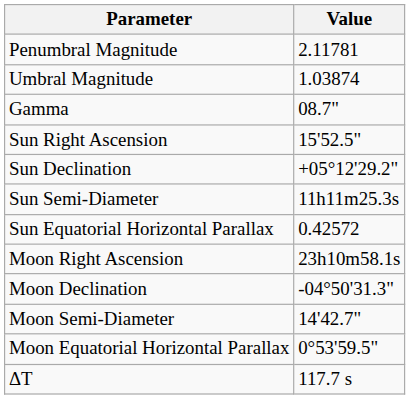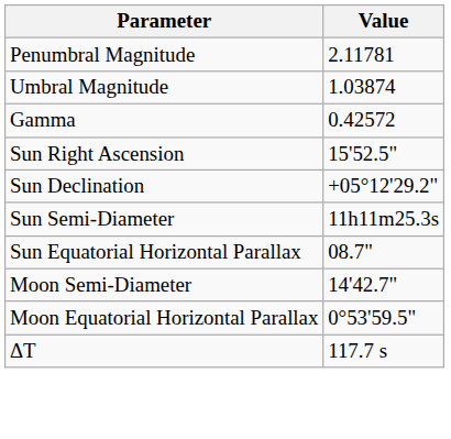 <table class="wikitable">
 <tr>
 <th>Parameter</th>
 <th>Value</th>
 </tr>
 <tr>
 <td>Penumbral Magnitude</td>
 <td>2.11781</td>
 </tr>
 <tr>
 <td>Umbral Magnitude</td>
 <td>1.03874</td>
 </tr>
 <tr>
 <td>Gamma</td>
-<td>08.7"</td>
+<td>0.42572</td>
 </tr>
 <tr>
 <td>Sun Right Ascension</td>
 <td>15'52.5"</td>
 </tr>
 <tr>
 <td>Sun Declination</td>
 <td>+05°12'29.2"</td>
 </tr>
 <tr>
 <td>Sun Semi-Diameter</td>
 <td>11h11m25.3s</td>
 </tr>
 <tr>
 <td>Sun Equatorial Horizontal Parallax</td>
-<td>0.42572</td>
-</tr>
-<tr>
-<td>Moon Right Ascension</td>
-<td>23h10m58.1s</td>
-</tr>
-<tr>
-<td>Moon Declination</td>
-<td>-04°50'31.3"</td>
+<td>08.7"</td>
 </tr>
 <tr>
 <td>Moon Semi-Diameter</td>
 <td>14'42.7"</td>
 </tr>
 <tr>
 <td>Moon Equatorial Horizontal Parallax</td>
 <td>0°53'59.5"</td>
 </tr>
 <tr>
 <td>ΔT</td>
 <td>117.7 s</td>
 </tr>
 </table>
